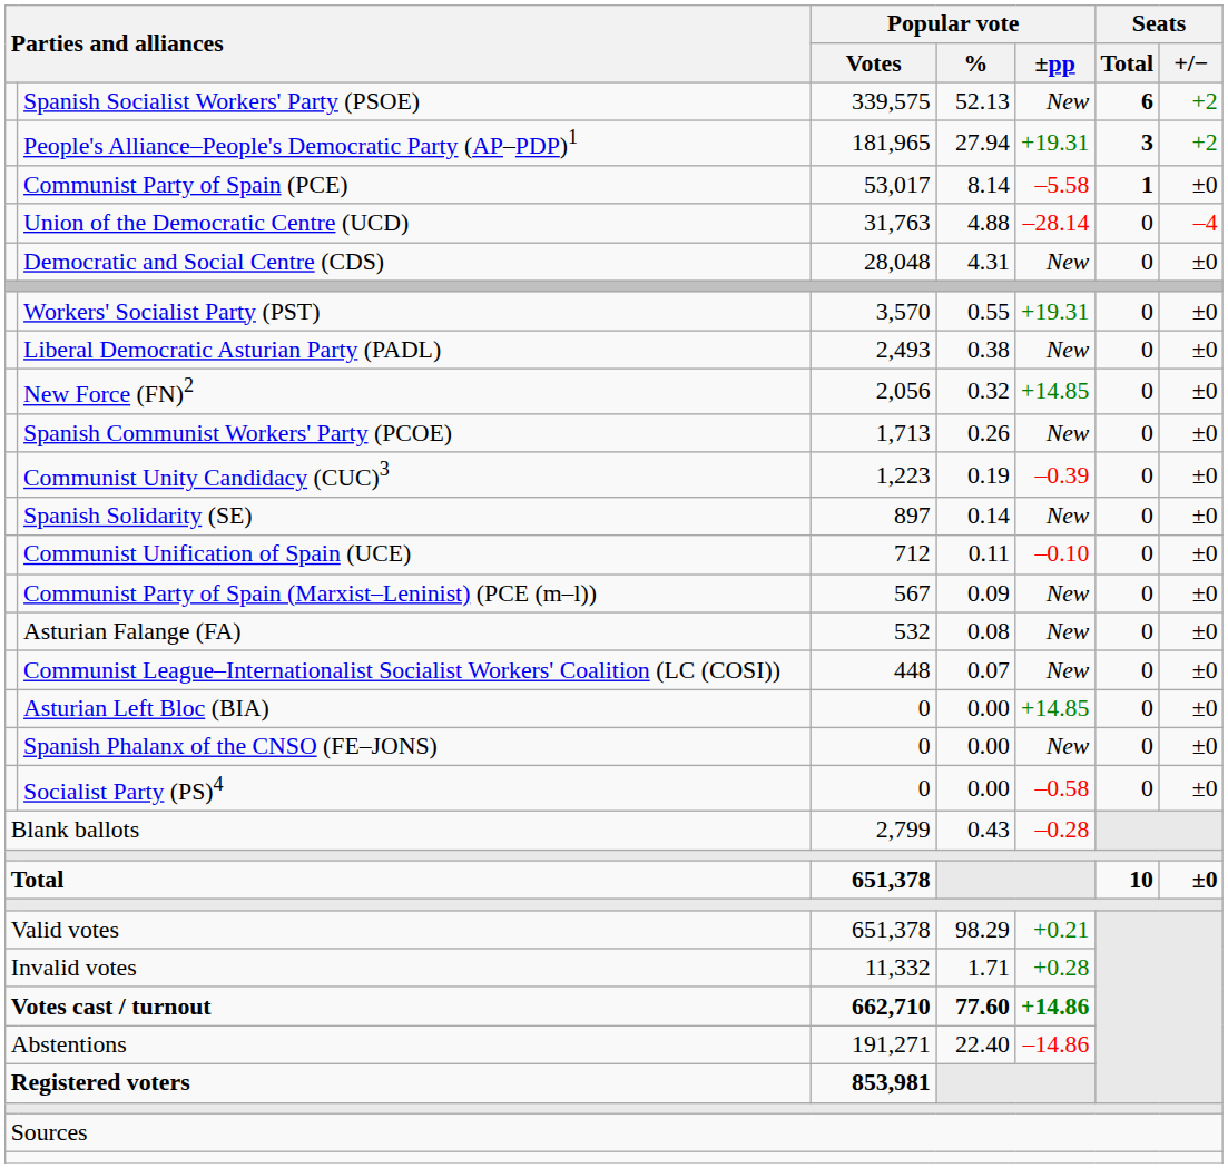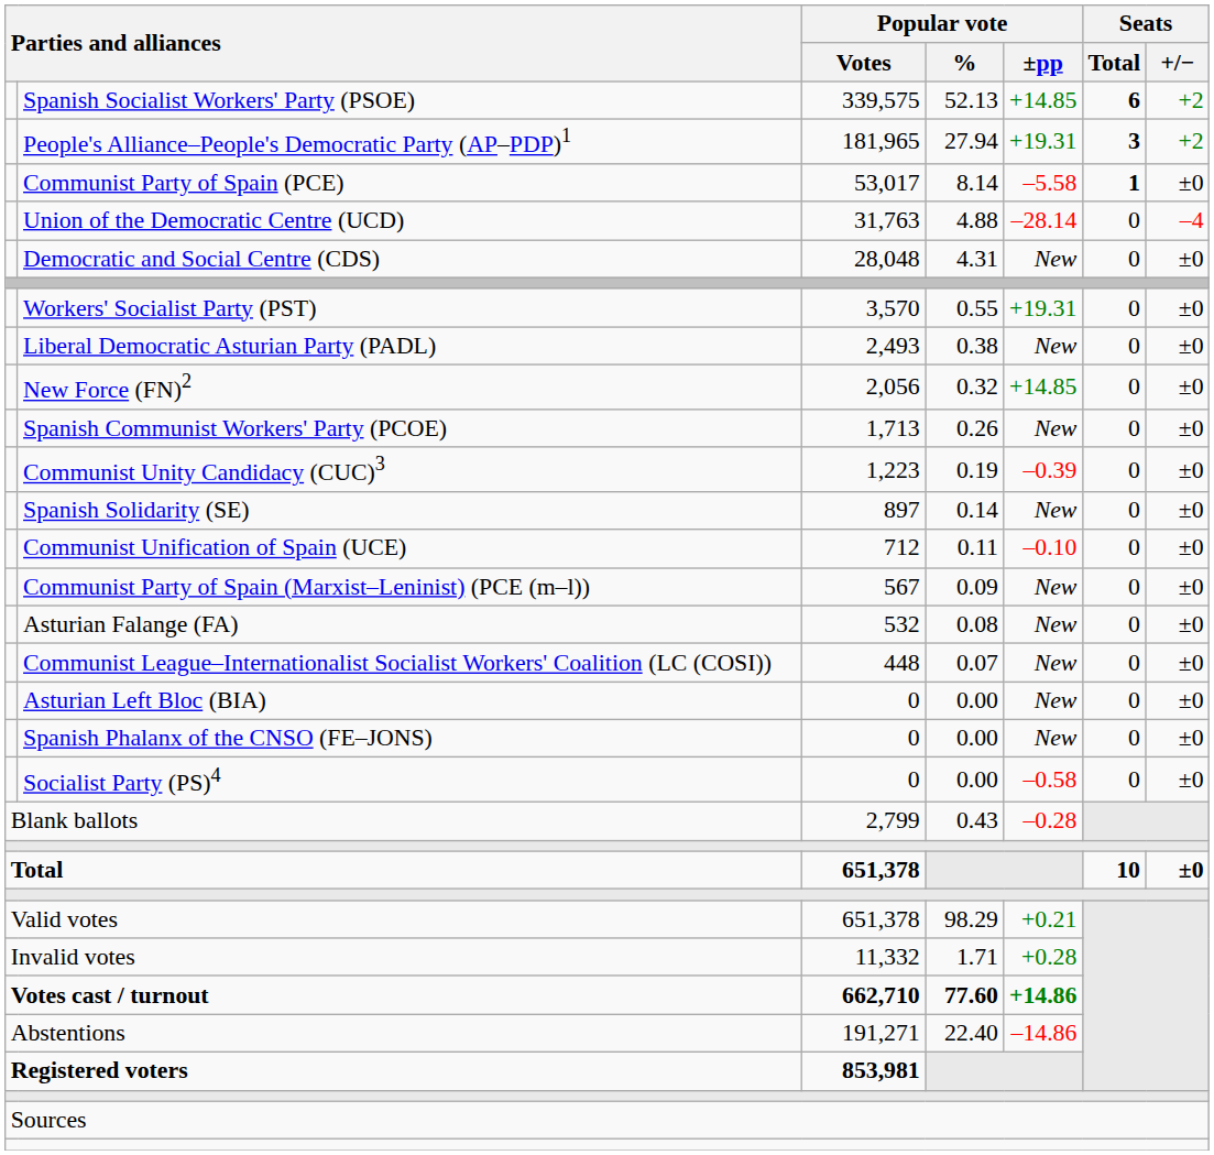 <table class="wikitable" style="text-align:right;">
 <tr>
 <th style="text-align:left;" rowspan="2" colspan="2" width="525">Parties and alliances</th>
 <th colspan="3">Popular vote</th>
 <th colspan="2">Seats</th>
 </tr>
 <tr>
 <th width="75">Votes</th>
 <th width="45">%</th>
 <th width="45">±<a href='#'>pp</a></th>
 <th width="35">Total</th>
 <th width="35">+/−</th>
 </tr>
 <tr>
 <td width="1" style="color:inherit;background:"></td>
 <td align="left"><a href='#'>Spanish Socialist Workers' Party</a> (PSOE)</td>
 <td>339,575</td>
 <td>52.13</td>
-<td><em>New</em></td>
+<td style="color:green;">+14.85</td>
 <td><strong>6</strong></td>
 <td style="color:green;">+2</td>
 </tr>
 <tr>
 <td style="color:inherit;background:"></td>
 <td align="left"><a href='#'>People's Alliance–People's Democratic Party</a> (<a href='#'>AP</a>–<a href='#'>PDP</a>)<sup>1</sup></td>
 <td>181,965</td>
 <td>27.94</td>
 <td style="color:green;">+19.31</td>
 <td><strong>3</strong></td>
 <td style="color:green;">+2</td>
 </tr>
 <tr>
 <td style="color:inherit;background:"></td>
 <td align="left"><a href='#'>Communist Party of Spain</a> (PCE)</td>
 <td>53,017</td>
 <td>8.14</td>
 <td style="color:red;">–5.58</td>
 <td><strong>1</strong></td>
 <td>±0</td>
 </tr>
 <tr>
 <td style="color:inherit;background:"></td>
 <td align="left"><a href='#'>Union of the Democratic Centre</a> (UCD)</td>
 <td>31,763</td>
 <td>4.88</td>
 <td style="color:red;">–28.14</td>
 <td>0</td>
 <td style="color:red;">–4</td>
 </tr>
 <tr>
 <td style="color:inherit;background:"></td>
 <td align="left"><a href='#'>Democratic and Social Centre</a> (CDS)</td>
 <td>28,048</td>
 <td>4.31</td>
 <td><em>New</em></td>
 <td>0</td>
 <td>±0</td>
 </tr>
 <tr>
 <td colspan="7" bgcolor="#C0C0C0"></td>
 </tr>
 <tr>
 <td style="color:inherit;background:"></td>
 <td align="left"><a href='#'>Workers' Socialist Party</a> (PST)</td>
 <td>3,570</td>
 <td>0.55</td>
 <td style="color:green;">+19.31</td>
 <td>0</td>
 <td>±0</td>
 </tr>
 <tr>
 <td style="color:inherit;background:"></td>
 <td align="left"><a href='#'>Liberal Democratic Asturian Party</a> (PADL)</td>
 <td>2,493</td>
 <td>0.38</td>
 <td><em>New</em></td>
 <td>0</td>
 <td>±0</td>
 </tr>
 <tr>
 <td style="color:inherit;background:"></td>
 <td align="left"><a href='#'>New Force</a> (FN)<sup>2</sup></td>
 <td>2,056</td>
 <td>0.32</td>
 <td style="color:green;">+14.85</td>
 <td>0</td>
 <td>±0</td>
 </tr>
 <tr>
 <td style="color:inherit;background:"></td>
 <td align="left"><a href='#'>Spanish Communist Workers' Party</a> (PCOE)</td>
 <td>1,713</td>
 <td>0.26</td>
 <td><em>New</em></td>
 <td>0</td>
 <td>±0</td>
 </tr>
 <tr>
 <td style="color:inherit;background:"></td>
 <td align="left"><a href='#'>Communist Unity Candidacy</a> (CUC)<sup>3</sup></td>
 <td>1,223</td>
 <td>0.19</td>
 <td style="color:red;">–0.39</td>
 <td>0</td>
 <td>±0</td>
 </tr>
 <tr>
 <td style="color:inherit;background:"></td>
 <td align="left"><a href='#'>Spanish Solidarity</a> (SE)</td>
 <td>897</td>
 <td>0.14</td>
 <td><em>New</em></td>
 <td>0</td>
 <td>±0</td>
 </tr>
 <tr>
 <td style="color:inherit;background:"></td>
 <td align="left"><a href='#'>Communist Unification of Spain</a> (UCE)</td>
 <td>712</td>
 <td>0.11</td>
 <td style="color:red;">–0.10</td>
 <td>0</td>
 <td>±0</td>
 </tr>
 <tr>
 <td style="color:inherit;background:"></td>
 <td align="left"><a href='#'>Communist Party of Spain (Marxist–Leninist)</a> (PCE (m–l))</td>
 <td>567</td>
 <td>0.09</td>
 <td><em>New</em></td>
 <td>0</td>
 <td>±0</td>
 </tr>
 <tr>
 <td style="color:inherit;background:"></td>
 <td align="left">Asturian Falange (FA)</td>
 <td>532</td>
 <td>0.08</td>
 <td><em>New</em></td>
 <td>0</td>
 <td>±0</td>
 </tr>
 <tr>
 <td style="color:inherit;background:"></td>
 <td align="left"><a href='#'>Communist League–Internationalist Socialist Workers' Coalition</a> (LC (COSI))</td>
 <td>448</td>
 <td>0.07</td>
 <td><em>New</em></td>
 <td>0</td>
 <td>±0</td>
 </tr>
 <tr>
 <td style="color:inherit;background:"></td>
 <td align="left"><a href='#'>Asturian Left Bloc</a> (BIA)</td>
 <td>0</td>
 <td>0.00</td>
-<td style="color:green;">+14.85</td>
+<td><em>New</em></td>
 <td>0</td>
 <td>±0</td>
 </tr>
 <tr>
 <td style="color:inherit;background:"></td>
 <td align="left"><a href='#'>Spanish Phalanx of the CNSO</a> (FE–JONS)</td>
 <td>0</td>
 <td>0.00</td>
 <td><em>New</em></td>
 <td>0</td>
 <td>±0</td>
 </tr>
 <tr>
 <td style="color:inherit;background:"></td>
 <td align="left"><a href='#'>Socialist Party</a> (PS)<sup>4</sup></td>
 <td>0</td>
 <td>0.00</td>
 <td style="color:red;">–0.58</td>
 <td>0</td>
 <td>±0</td>
 </tr>
 <tr>
 <td align="left" colspan="2">Blank ballots</td>
 <td>2,799</td>
 <td>0.43</td>
 <td style="color:red;">–0.28</td>
 <td bgcolor="#E9E9E9" colspan="2"></td>
 </tr>
 <tr>
 <td colspan="7" bgcolor="#E9E9E9"></td>
 </tr>
 <tr style="font-weight:bold;">
 <td align="left" colspan="2">Total</td>
 <td>651,378</td>
 <td bgcolor="#E9E9E9" colspan="2"></td>
 <td>10</td>
 <td>±0</td>
 </tr>
 <tr>
 <td colspan="7" bgcolor="#E9E9E9"></td>
 </tr>
 <tr>
 <td align="left" colspan="2">Valid votes</td>
 <td>651,378</td>
 <td>98.29</td>
 <td style="color:green;">+0.21</td>
 <td bgcolor="#E9E9E9" colspan="2" rowspan="5"></td>
 </tr>
 <tr>
 <td align="left" colspan="2">Invalid votes</td>
 <td>11,332</td>
 <td>1.71</td>
 <td style="color:green;">+0.28</td>
 </tr>
 <tr style="font-weight:bold;">
 <td align="left" colspan="2">Votes cast / turnout</td>
 <td>662,710</td>
 <td>77.60</td>
 <td style="color:green;">+14.86</td>
 </tr>
 <tr>
 <td align="left" colspan="2">Abstentions</td>
 <td>191,271</td>
 <td>22.40</td>
 <td style="color:red;">–14.86</td>
 </tr>
 <tr style="font-weight:bold;">
 <td align="left" colspan="2">Registered voters</td>
 <td>853,981</td>
 <td bgcolor="#E9E9E9" colspan="2"></td>
 </tr>
 <tr>
 <td colspan="7" bgcolor="#E9E9E9"></td>
 </tr>
 <tr>
 <td align="left" colspan="7">Sources</td>
 </tr>
 <tr>
 <td colspan="7" style="text-align:left; max-width:790px;"></td>
 </tr>
 </table>
